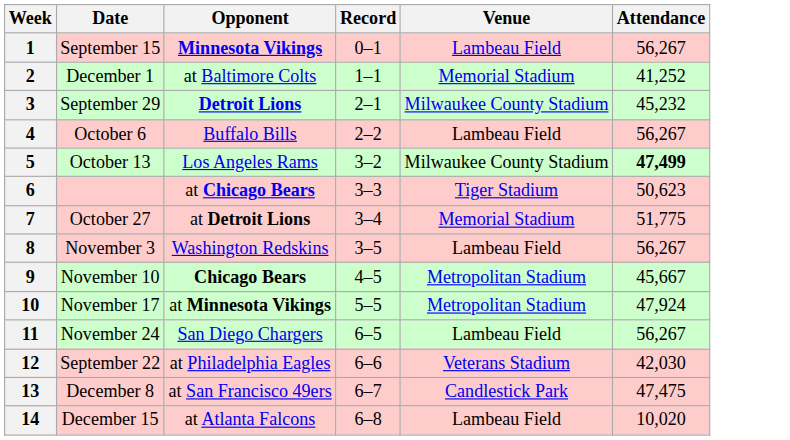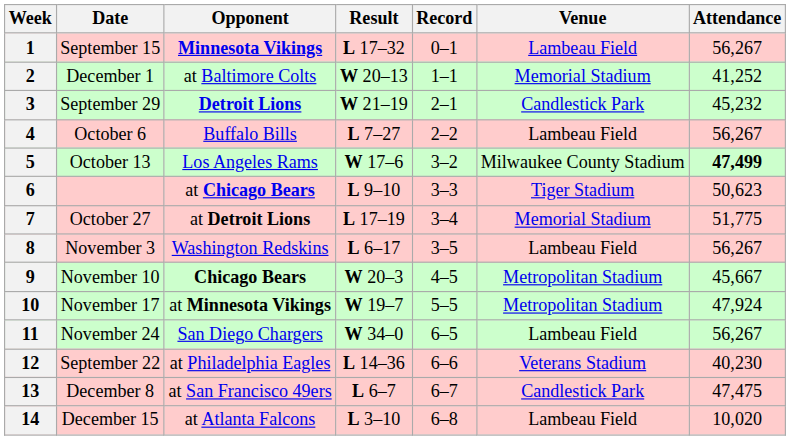 <table class="wikitable" style="text-align:center">
 <tr>
 <th>Week</th>
 <th>Date</th>
 <th>Opponent</th>
+<th>Result</th>
 <th>Record</th>
 <th>Venue</th>
 <th>Attendance</th>
 </tr>
 <tr style="background:#fcc">
 <th>1</th>
 <td>September 15</td>
 <td><strong><a href='#'>Minnesota Vikings</a></strong></td>
+<td><strong>L</strong> 17–32</td>
 <td>0–1</td>
 <td><a href='#'>Lambeau Field</a></td>
 <td>56,267</td>
 </tr>
 <tr style="background:#cfc">
 <th>2</th>
 <td>December 1</td>
 <td>at <a href='#'>Baltimore Colts</a></td>
+<td><strong>W</strong> 20–13</td>
 <td>1–1</td>
 <td><a href='#'>Memorial Stadium</a></td>
 <td>41,252</td>
 </tr>
 <tr style="background:#cfc">
 <th>3</th>
 <td>September 29</td>
 <td><strong><a href='#'>Detroit Lions</a></strong></td>
+<td><strong>W</strong> 21–19</td>
 <td>2–1</td>
-<td><a href='#'>Milwaukee County Stadium</a></td>
+<td><a href='#'>Candlestick Park</a></td>
 <td>45,232</td>
 </tr>
 <tr style="background:#fcc">
 <th>4</th>
 <td>October 6</td>
 <td><a href='#'>Buffalo Bills</a></td>
+<td><strong>L</strong> 7–27</td>
 <td>2–2</td>
 <td>Lambeau Field</td>
 <td>56,267</td>
 </tr>
 <tr style="background:#cfc">
 <th>5</th>
 <td>October 13</td>
 <td><a href='#'>Los Angeles Rams</a></td>
+<td><strong>W</strong> 17–6</td>
 <td>3–2</td>
 <td>Milwaukee County Stadium</td>
 <td><strong>47,499</strong></td>
 </tr>
 <tr style="background:#fcc">
 <th>6</th>
 <td></td>
 <td>at <strong><a href='#'>Chicago Bears</a></strong></td>
+<td><strong>L</strong> 9–10</td>
 <td>3–3</td>
 <td><a href='#'>Tiger Stadium</a></td>
 <td>50,623</td>
 </tr>
 <tr style="background:#fcc">
 <th>7</th>
 <td>October 27</td>
 <td>at <strong>Detroit Lions</strong></td>
+<td><strong>L</strong> 17–19</td>
 <td>3–4</td>
 <td><a href='#'>Memorial Stadium</a></td>
 <td>51,775</td>
 </tr>
 <tr style="background:#fcc">
 <th>8</th>
 <td>November 3</td>
 <td><a href='#'>Washington Redskins</a></td>
+<td><strong>L</strong> 6–17</td>
 <td>3–5</td>
 <td>Lambeau Field</td>
 <td>56,267</td>
 </tr>
 <tr style="background:#cfc">
 <th>9</th>
 <td>November 10</td>
 <td><strong>Chicago Bears</strong></td>
+<td><strong>W</strong> 20–3</td>
 <td>4–5</td>
 <td><a href='#'>Metropolitan Stadium</a></td>
 <td>45,667</td>
 </tr>
 <tr style="background:#cfc">
 <th>10</th>
 <td>November 17</td>
 <td>at <strong>Minnesota Vikings</strong></td>
+<td><strong>W</strong> 19–7</td>
 <td>5–5</td>
 <td><a href='#'>Metropolitan Stadium</a></td>
 <td>47,924</td>
 </tr>
 <tr style="background:#cfc">
 <th>11</th>
 <td>November 24</td>
 <td><a href='#'>San Diego Chargers</a></td>
+<td><strong>W</strong> 34–0</td>
 <td>6–5</td>
 <td>Lambeau Field</td>
 <td>56,267</td>
 </tr>
 <tr style="background:#fcc">
 <th>12</th>
 <td>September 22</td>
 <td>at <a href='#'>Philadelphia Eagles</a></td>
+<td><strong>L</strong> 14–36</td>
 <td>6–6</td>
 <td><a href='#'>Veterans Stadium</a></td>
-<td>42,030</td>
+<td>40,230</td>
 </tr>
 <tr style="background:#fcc">
 <th>13</th>
 <td>December 8</td>
 <td>at <a href='#'>San Francisco 49ers</a></td>
+<td><strong>L</strong> 6–7</td>
 <td>6–7</td>
 <td><a href='#'>Candlestick Park</a></td>
 <td>47,475</td>
 </tr>
 <tr style="background:#fcc">
 <th>14</th>
 <td>December 15</td>
 <td>at <a href='#'>Atlanta Falcons</a></td>
+<td><strong>L</strong> 3–10</td>
 <td>6–8</td>
 <td>Lambeau Field</td>
 <td>10,020</td>
 </tr>
 </table>
